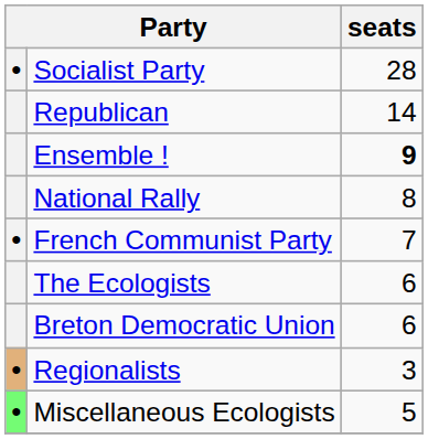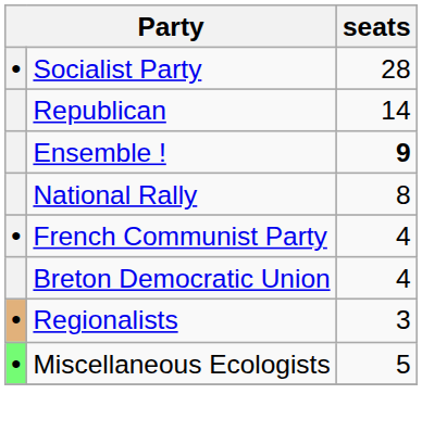 <table class="wikitable" style="font-size: 95%;">
 <tr>
 <th colspan=2>Party</th>
 <th>seats</th>
 </tr>
 <tr>
 <th style="background-color: "><span>•</span></th>
 <td><a href='#'>Socialist Party</a></td>
 <td align="right">28</td>
 </tr>
 <tr>
 <th style="background-color: "></th>
 <td><a href='#'>Republican</a></td>
 <td align="right">14</td>
 </tr>
 <tr>
 <th style="background-color: "></th>
 <td><a href='#'>Ensemble !</a></td>
 <td align="right"><strong>9</strong></td>
 </tr>
 <tr>
 <th style="background-color: "></th>
 <td><a href='#'>National Rally</a></td>
 <td align="right">8</td>
 </tr>
 <tr>
 <th style="background-color: "><span>•</span></th>
 <td><a href='#'>French Communist Party</a></td>
-<td align="right">7</td>
-</tr>
-<tr>
-<th style="background-color: "></th>
-<td><a href='#'>The Ecologists</a></td>
-<td align="right">6</td>
+<td align="right">4</td>
 </tr>
 <tr>
 <th style="background-color: "></th>
 <td><a href='#'>Breton Democratic Union</a></td>
-<td align="right">6</td>
+<td align="right">4</td>
 </tr>
 <tr>
 <th style="background-color: #E1B17B"><span>•</span></th>
 <td><a href='#'>Regionalists</a></td>
 <td align="right">3</td>
 </tr>
 <tr>
 <th style="background-color: #74FC74"><span>•</span></th>
 <td>Miscellaneous Ecologists</td>
 <td align="right">5</td>
 </tr>
 <tr>
 </tr>
 </table>
